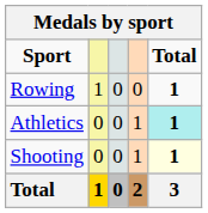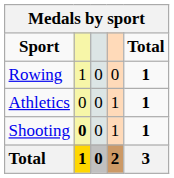 <table class="wikitable" style="text-align:center;font-size:90%">
 <tr style="background:#efefef;">
 <th colspan=7>Medals by sport</th>
 </tr>
 <tr>
 <td><strong>Sport</strong></td>
 <td bgcolor=#f7f6a8></td>
 <td bgcolor=#dce5e5></td>
 <td bgcolor=#ffdab9></td>
 <td><strong>Total</strong></td>
 </tr>
 <tr>
 <td style="text-align:left;"><a href='#'>Rowing</a></td>
 <td style="background:#F7F6A8;">1</td>
 <td style="background:#DCE5E5;">0</td>
 <td style="background:#FFDAB9;">0</td>
 <td><strong>1</strong></td>
 </tr>
 <tr>
 <td style="text-align:left;"><a href='#'>Athletics</a></td>
 <td style="background:#F7F6A8;">0</td>
 <td style="background:#DCE5E5;">0</td>
 <td style="background:#FFDAB9;">1</td>
-<td style="background: paleturquoise;"><strong>1</strong></td>
+<td><strong>1</strong></td>
 </tr>
 <tr>
 <td style="text-align:left;"><a href='#'>Shooting</a></td>
-<td style="background:#F7F6A8;">0</td>
+<td style="background:#F7F6A8;"><strong>0</strong></td>
 <td style="background:#DCE5E5;">0</td>
 <td style="background:#FFDAB9;">1</td>
-<td style="background: lightyellow;"><strong>1</strong></td>
+<td><strong>1</strong></td>
 </tr>
 <tr>
 <th style="text-align:left;">Total</th>
 <th style="background:gold;">1</th>
 <th style="background:silver;">0</th>
 <th style="background:#c96;">2</th>
 <th>3</th>
 </tr>
 </table>
